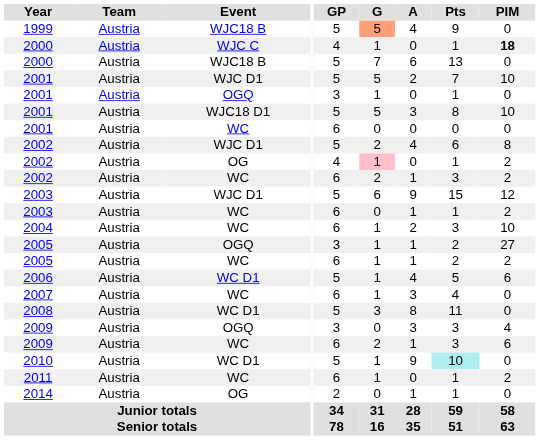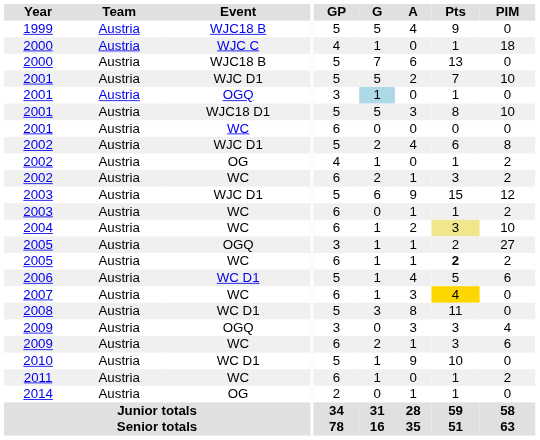 <table border="0" cellpadding="1" cellspacing="0" ID="Table3" style="text-align:center; width:40em">
 <tr ALIGN="center" bgcolor="#e0e0e0">
 <th>Year</th>
 <th>Team</th>
 <th>Event</th>
 <th rowspan="102" bgcolor="#ffffff"></th>
 <th>GP</th>
 <th>G</th>
 <th>A</th>
 <th>Pts</th>
 <th>PIM</th>
 </tr>
 <tr>
 <td><a href='#'>1999</a></td>
 <td><a href='#'>Austria</a></td>
 <td><a href='#'>WJC18 B</a></td>
 <td>5</td>
-<td style="background: lightsalmon;">5</td>
+<td>5</td>
 <td>4</td>
 <td>9</td>
 <td>0</td>
 </tr>
 <tr bgcolor="#f0f0f0">
 <td><a href='#'>2000</a></td>
 <td><a href='#'>Austria</a></td>
 <td><a href='#'>WJC C</a></td>
 <td>4</td>
 <td>1</td>
 <td>0</td>
 <td>1</td>
-<td><strong>18</strong></td>
+<td>18</td>
 </tr>
 <tr>
 <td><a href='#'>2000</a></td>
 <td>Austria</td>
 <td>WJC18 B</td>
 <td>5</td>
 <td>7</td>
 <td>6</td>
 <td>13</td>
 <td>0</td>
 </tr>
 <tr bgcolor="#f0f0f0">
 <td><a href='#'>2001</a></td>
 <td>Austria</td>
 <td>WJC D1</td>
 <td>5</td>
 <td>5</td>
 <td>2</td>
 <td>7</td>
 <td>10</td>
 </tr>
 <tr>
 <td><a href='#'>2001</a></td>
 <td><a href='#'>Austria</a></td>
 <td><a href='#'>OGQ</a></td>
 <td>3</td>
-<td>1</td>
+<td style="background: lightblue;">1</td>
 <td>0</td>
 <td>1</td>
 <td>0</td>
 </tr>
 <tr bgcolor="#f0f0f0">
 <td><a href='#'>2001</a></td>
 <td>Austria</td>
 <td>WJC18 D1</td>
 <td>5</td>
 <td>5</td>
 <td>3</td>
 <td>8</td>
 <td>10</td>
 </tr>
 <tr>
 <td><a href='#'>2001</a></td>
 <td>Austria</td>
 <td><a href='#'>WC</a></td>
 <td>6</td>
 <td>0</td>
 <td>0</td>
 <td>0</td>
 <td>0</td>
 </tr>
 <tr bgcolor="#f0f0f0">
 <td><a href='#'>2002</a></td>
 <td>Austria</td>
 <td>WJC D1</td>
 <td>5</td>
 <td>2</td>
 <td>4</td>
 <td>6</td>
 <td>8</td>
 </tr>
 <tr>
 <td><a href='#'>2002</a></td>
 <td>Austria</td>
 <td>OG</td>
 <td>4</td>
-<td style="background: pink;">1</td>
+<td>1</td>
 <td>0</td>
 <td>1</td>
 <td>2</td>
 </tr>
 <tr bgcolor="#f0f0f0">
 <td><a href='#'>2002</a></td>
 <td>Austria</td>
 <td>WC</td>
 <td>6</td>
 <td>2</td>
 <td>1</td>
 <td>3</td>
 <td>2</td>
 </tr>
 <tr>
 <td><a href='#'>2003</a></td>
 <td>Austria</td>
 <td>WJC D1</td>
 <td>5</td>
 <td>6</td>
 <td>9</td>
 <td>15</td>
 <td>12</td>
 </tr>
 <tr bgcolor="#f0f0f0">
 <td><a href='#'>2003</a></td>
 <td>Austria</td>
 <td>WC</td>
 <td>6</td>
 <td>0</td>
 <td>1</td>
 <td>1</td>
 <td>2</td>
 </tr>
 <tr>
 <td><a href='#'>2004</a></td>
 <td>Austria</td>
 <td>WC</td>
 <td>6</td>
 <td>1</td>
 <td>2</td>
-<td>3</td>
+<td style="background: khaki;">3</td>
 <td>10</td>
 </tr>
 <tr bgcolor="#f0f0f0">
 <td><a href='#'>2005</a></td>
 <td>Austria</td>
 <td>OGQ</td>
 <td>3</td>
 <td>1</td>
 <td>1</td>
 <td>2</td>
 <td>27</td>
 </tr>
 <tr>
 <td><a href='#'>2005</a></td>
 <td>Austria</td>
 <td>WC</td>
 <td>6</td>
 <td>1</td>
 <td>1</td>
-<td>2</td>
+<td><strong>2</strong></td>
 <td>2</td>
 </tr>
 <tr bgcolor="#f0f0f0">
 <td><a href='#'>2006</a></td>
 <td>Austria</td>
 <td><a href='#'>WC D1</a></td>
 <td>5</td>
 <td>1</td>
 <td>4</td>
 <td>5</td>
 <td>6</td>
 </tr>
 <tr>
 <td><a href='#'>2007</a></td>
 <td>Austria</td>
 <td>WC</td>
 <td>6</td>
 <td>1</td>
 <td>3</td>
-<td>4</td>
+<td style="background: gold;">4</td>
 <td>0</td>
 </tr>
 <tr bgcolor="#f0f0f0">
 <td><a href='#'>2008</a></td>
 <td>Austria</td>
 <td>WC D1</td>
 <td>5</td>
 <td>3</td>
 <td>8</td>
 <td>11</td>
 <td>0</td>
 </tr>
 <tr>
 <td><a href='#'>2009</a></td>
 <td>Austria</td>
 <td>OGQ</td>
 <td>3</td>
 <td>0</td>
 <td>3</td>
 <td>3</td>
 <td>4</td>
 </tr>
 <tr bgcolor="#f0f0f0">
 <td><a href='#'>2009</a></td>
 <td>Austria</td>
 <td>WC</td>
 <td>6</td>
 <td>2</td>
 <td>1</td>
 <td>3</td>
 <td>6</td>
 </tr>
 <tr>
 <td><a href='#'>2010</a></td>
 <td>Austria</td>
 <td>WC D1</td>
 <td>5</td>
 <td>1</td>
 <td>9</td>
-<td style="background: paleturquoise;">10</td>
+<td>10</td>
 <td>0</td>
 </tr>
 <tr bgcolor="#f0f0f0">
 <td><a href='#'>2011</a></td>
 <td>Austria</td>
 <td>WC</td>
 <td>6</td>
 <td>1</td>
 <td>0</td>
 <td>1</td>
 <td>2</td>
 </tr>
 <tr>
 <td><a href='#'>2014</a></td>
 <td>Austria</td>
 <td>OG</td>
 <td>2</td>
 <td>0</td>
 <td>1</td>
 <td>1</td>
 <td>0</td>
 </tr>
 <tr bgcolor="#e0e0e0">
 <th colspan=3>Junior totals</th>
 <th>34</th>
 <th>31</th>
 <th>28</th>
 <th>59</th>
 <th>58</th>
 </tr>
 <tr bgcolor="#e0e0e0">
 <th colspan=3>Senior totals</th>
 <th>78</th>
 <th>16</th>
 <th>35</th>
 <th>51</th>
 <th>63</th>
 </tr>
 </table>
